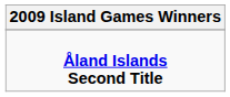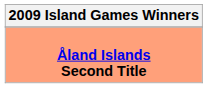 <table class="wikitable" style="text-align: center; margin: 0 auto;">
 <tr>
 <th>2009 Island Games Winners</th>
 </tr>
 <tr>
 </tr>
 <tr>
-<td><br><strong><a href='#'>Åland Islands</a></strong><br><strong>Second Title</strong></td>
+<td style="background: lightsalmon;"><br><strong><a href='#'>Åland Islands</a></strong><br><strong>Second Title</strong></td>
 </tr>
 </table>
